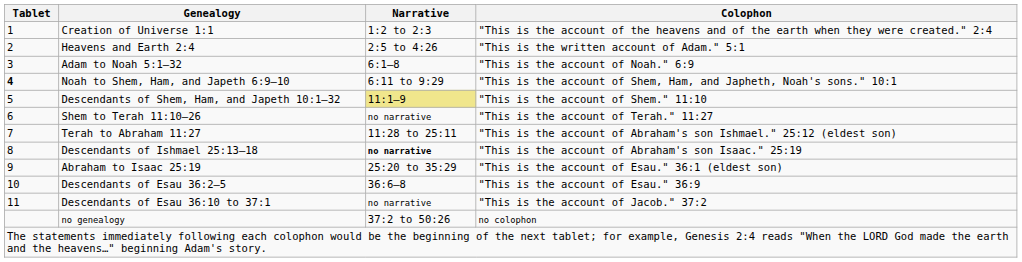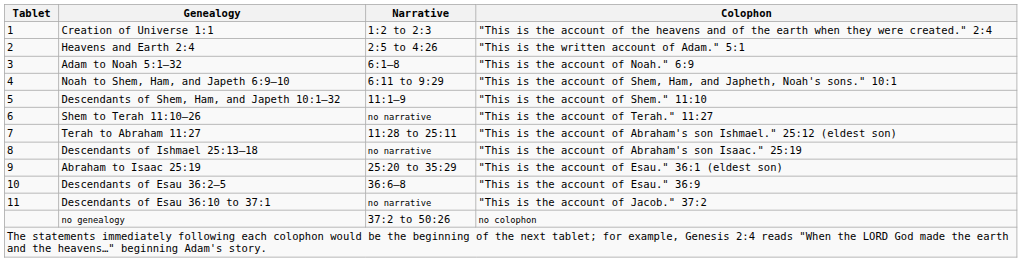 <table class="wikitable">
 <tr>
 <th>Tablet</th>
 <th>Genealogy</th>
 <th>Narrative</th>
 <th>Colophon</th>
 </tr>
 <tr>
 <td>1</td>
 <td>Creation of Universe 1:1</td>
 <td>1:2 to 2:3</td>
 <td>"This is the account of the heavens and of the earth when they were created." 2:4</td>
 </tr>
 <tr>
 <td>2</td>
 <td>Heavens and Earth 2:4</td>
 <td>2:5 to 4:26</td>
 <td>"This is the written account of Adam." 5:1</td>
 </tr>
 <tr>
 <td>3</td>
 <td>Adam to Noah 5:1–32</td>
 <td>6:1–8</td>
 <td>"This is the account of Noah." 6:9</td>
 </tr>
 <tr>
-<td><strong>4</strong></td>
+<td>4</td>
 <td>Noah to Shem, Ham, and Japeth 6:9–10</td>
 <td>6:11 to 9:29</td>
 <td>"This is the account of Shem, Ham, and Japheth, Noah's sons." 10:1</td>
 </tr>
 <tr>
 <td>5</td>
 <td>Descendants of Shem, Ham, and Japeth 10:1–32</td>
-<td style="background: khaki;">11:1–9</td>
+<td>11:1–9</td>
 <td>"This is the account of Shem." 11:10</td>
 </tr>
 <tr>
 <td>6</td>
 <td>Shem to Terah 11:10–26</td>
 <td><small>no narrative</small></td>
 <td>"This is the account of Terah." 11:27</td>
 </tr>
 <tr>
 <td>7</td>
 <td>Terah to Abraham 11:27</td>
 <td>11:28 to 25:11</td>
 <td>"This is the account of Abraham's son Ishmael." 25:12 (eldest son)</td>
 </tr>
 <tr>
 <td>8</td>
 <td>Descendants of Ishmael 25:13–18</td>
-<td><strong><small>no narrative</small></strong></td>
+<td><small>no narrative</small></td>
 <td>"This is the account of Abraham's son Isaac." 25:19</td>
 </tr>
 <tr>
 <td>9</td>
 <td>Abraham to Isaac 25:19</td>
 <td>25:20 to 35:29</td>
 <td>"This is the account of Esau." 36:1 (eldest son)</td>
 </tr>
 <tr>
 <td>10</td>
 <td>Descendants of Esau 36:2–5</td>
 <td>36:6–8</td>
 <td>"This is the account of Esau." 36:9</td>
 </tr>
 <tr>
 <td>11</td>
 <td>Descendants of Esau 36:10 to 37:1</td>
 <td><small>no narrative</small></td>
 <td>"This is the account of Jacob." 37:2</td>
 </tr>
 <tr>
 <td></td>
 <td><small>no genealogy</small></td>
 <td>37:2 to 50:26</td>
 <td><small>no colophon</small></td>
 </tr>
 <tr>
 <td colspan=8>The statements immediately following each colophon would be the beginning of the next tablet; for example, Genesis 2:4 reads "When the LORD God made the earth and the heavens…" beginning Adam's story.</td>
 </tr>
 </table>
